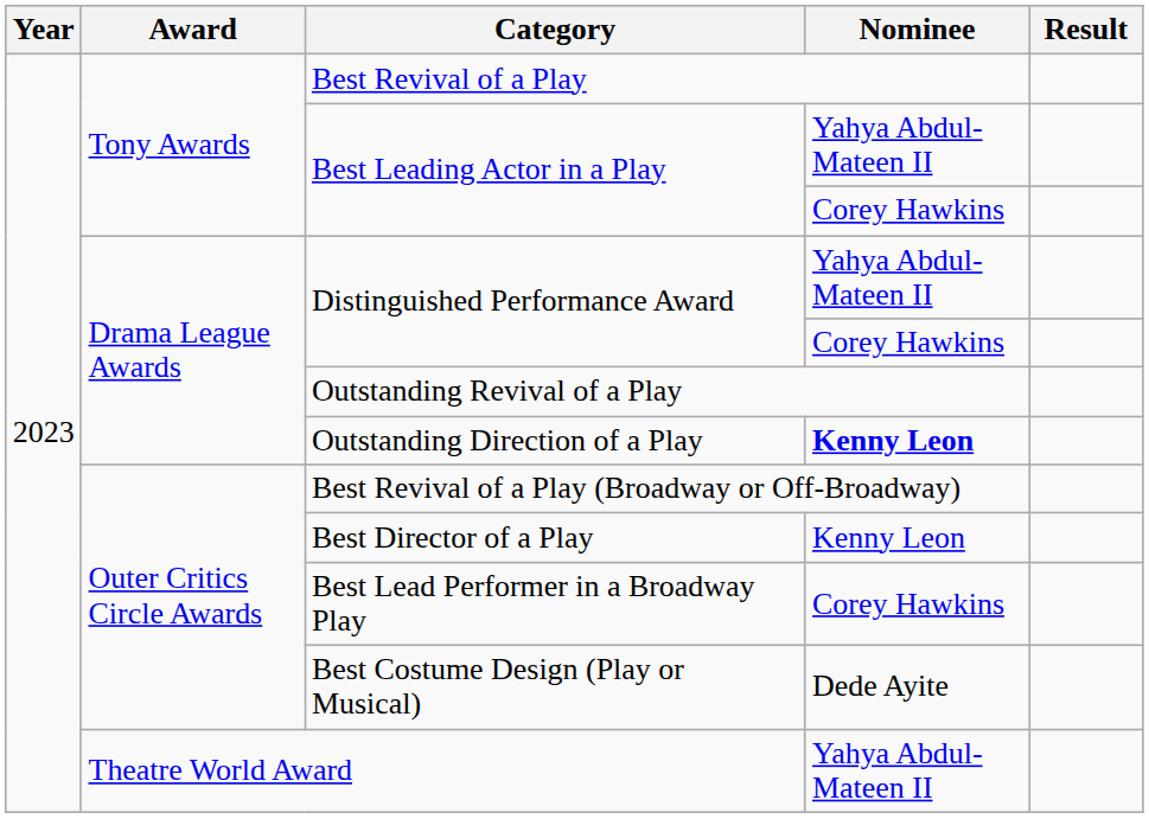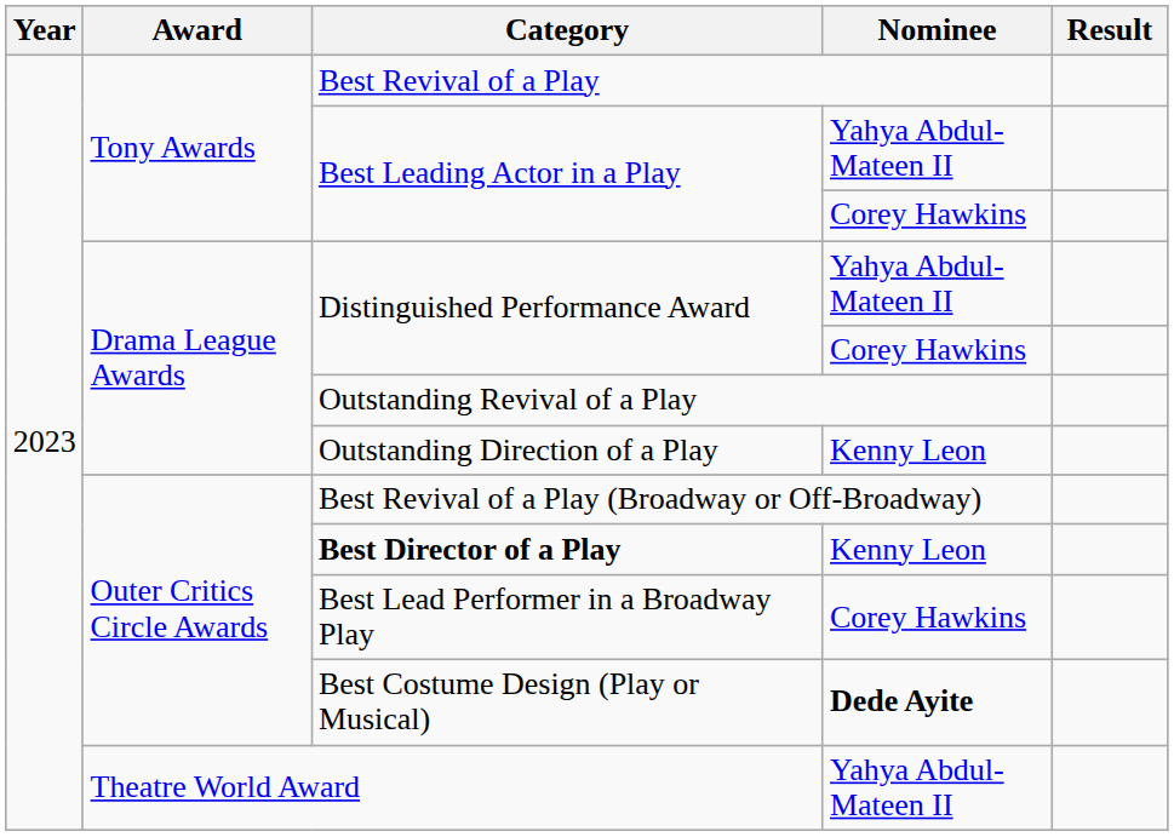 <table class="wikitable" width="95%">
 <tr>
 <th width="5%">Year</th>
 <th width="20%">Award</th>
 <th width="45%">Category</th>
 <th width="20%">Nominee</th>
 <th width="10%">Result</th>
 </tr>
 <tr>
 <td rowspan="12">2023</td>
 <td rowspan="3"><a href='#'>Tony Awards</a></td>
 <td colspan="2"><a href='#'>Best Revival of a Play</a></td>
 <td></td>
 </tr>
 <tr>
 <td rowspan="2"><a href='#'>Best Leading Actor in a Play</a></td>
 <td><a href='#'>Yahya Abdul-Mateen II</a></td>
 <td></td>
 </tr>
 <tr>
 <td><a href='#'>Corey Hawkins</a></td>
 <td></td>
 </tr>
 <tr>
 <td rowspan="4"><a href='#'>Drama League Awards</a></td>
 <td rowspan="2">Distinguished Performance Award</td>
 <td><a href='#'>Yahya Abdul-Mateen II</a></td>
 <td></td>
 </tr>
 <tr>
 <td><a href='#'>Corey Hawkins</a></td>
 <td></td>
 </tr>
 <tr>
 <td colspan="2">Outstanding Revival of a Play</td>
 <td></td>
 </tr>
 <tr>
 <td>Outstanding Direction of a Play</td>
-<td><strong><a href='#'>Kenny Leon</a></strong></td>
+<td><a href='#'>Kenny Leon</a></td>
 <td></td>
 </tr>
 <tr>
 <td rowspan="4"><a href='#'>Outer Critics Circle Awards</a></td>
 <td colspan="2">Best Revival of a Play (Broadway or Off-Broadway)</td>
 <td></td>
 </tr>
 <tr>
-<td>Best Director of a Play</td>
+<td><strong>Best Director of a Play</strong></td>
 <td><a href='#'>Kenny Leon</a></td>
 <td></td>
 </tr>
 <tr>
 <td>Best Lead Performer in a Broadway Play</td>
 <td><a href='#'>Corey Hawkins</a></td>
 <td></td>
 </tr>
 <tr>
 <td>Best Costume Design (Play or Musical)</td>
-<td>Dede Ayite</td>
+<td><strong>Dede Ayite</strong></td>
 <td></td>
 </tr>
 <tr>
 <td colspan="2"><a href='#'>Theatre World Award</a></td>
 <td><a href='#'>Yahya Abdul-Mateen II</a></td>
 <td></td>
 </tr>
 </table>
